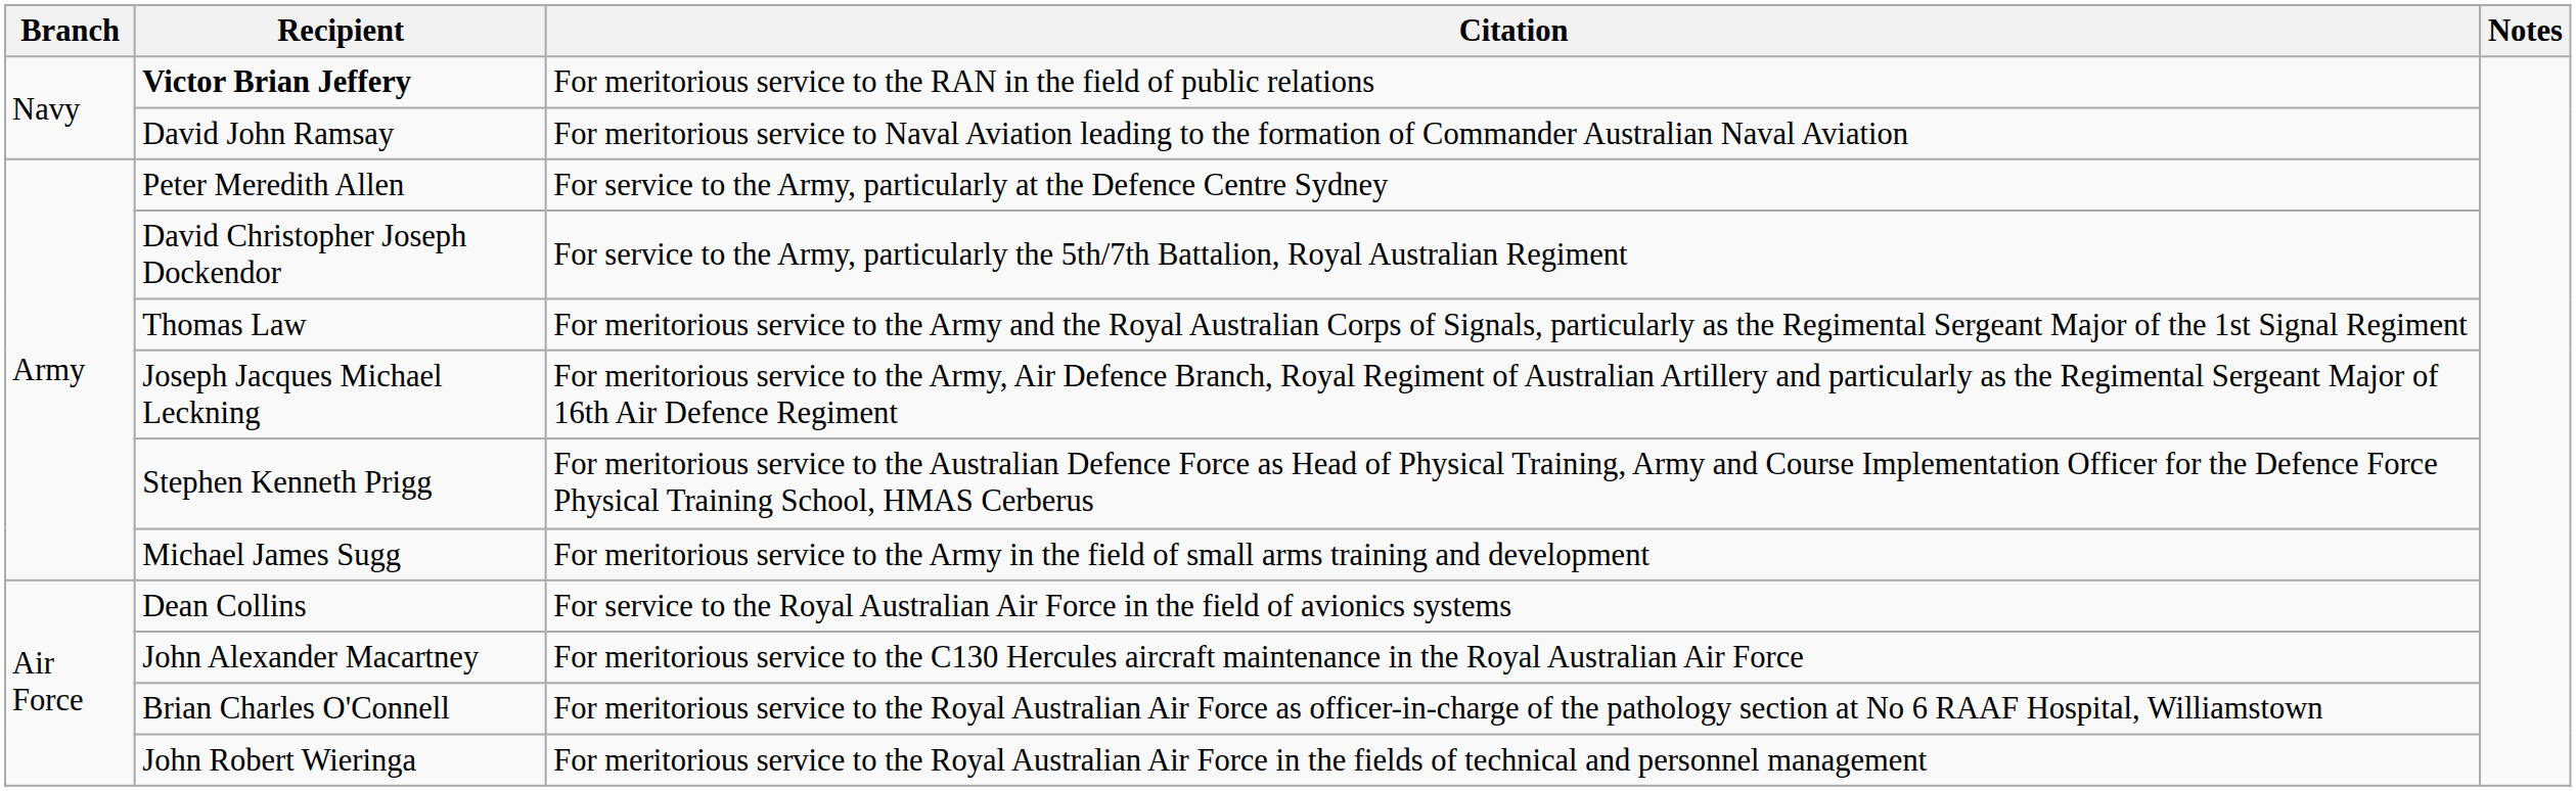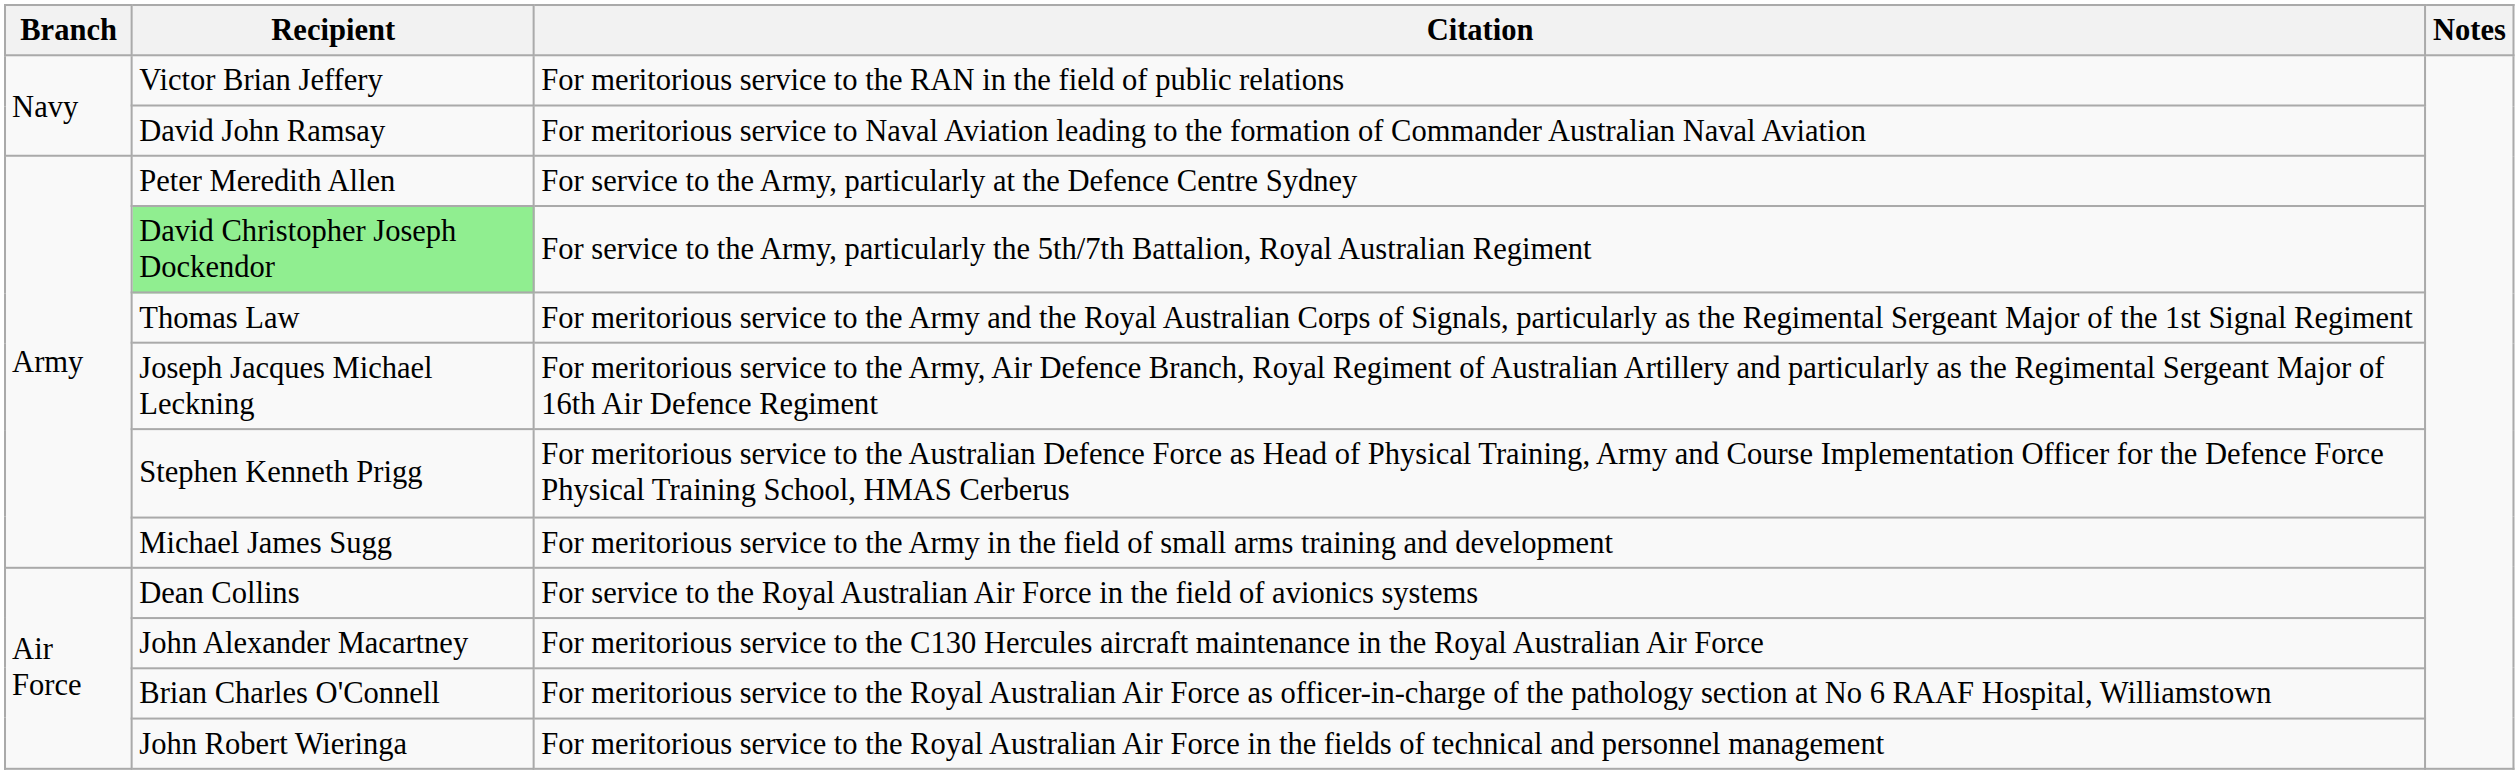 <table class="wikitable" style="font-size:95%;">
 <tr>
 <th>Branch</th>
 <th>Recipient</th>
 <th>Citation</th>
 <th>Notes</th>
 </tr>
 <tr>
 <td rowspan=2>Navy</td>
-<td><strong> Victor Brian Jeffery</strong></td>
+<td> Victor Brian Jeffery</td>
 <td>For meritorious service to the RAN in the field of public relations</td>
 <td rowspan=12></td>
 </tr>
 <tr>
 <td> David John Ramsay</td>
 <td>For meritorious service to Naval Aviation leading to the formation of Commander Australian Naval Aviation</td>
 </tr>
 <tr>
 <td rowspan=6>Army</td>
 <td> Peter Meredith Allen</td>
 <td>For service to the Army, particularly at the Defence Centre Sydney</td>
 </tr>
 <tr>
-<td> David Christopher Joseph Dockendor</td>
+<td style="background: lightgreen;"> David Christopher Joseph Dockendor</td>
 <td>For service to the Army, particularly the 5th/7th Battalion, Royal Australian Regiment</td>
 </tr>
 <tr>
 <td> Thomas Law</td>
 <td>For meritorious service to the Army and the Royal Australian Corps of Signals, particularly as the Regimental Sergeant Major of the 1st Signal Regiment</td>
 </tr>
 <tr>
 <td> Joseph Jacques Michael Leckning</td>
 <td>For meritorious service to the Army, Air Defence Branch, Royal Regiment of Australian Artillery and particularly as the Regimental Sergeant Major of 16th Air Defence Regiment</td>
 </tr>
 <tr>
 <td> Stephen Kenneth Prigg</td>
 <td>For meritorious service to the Australian Defence Force as Head of Physical Training, Army and Course Implementation Officer for the Defence Force Physical Training School, HMAS Cerberus</td>
 </tr>
 <tr>
 <td> Michael James Sugg</td>
 <td>For meritorious service to the Army in the field of small arms training and development</td>
 </tr>
 <tr>
 <td rowspan=4>Air Force</td>
 <td> Dean Collins</td>
 <td>For service to the Royal Australian Air Force in the field of avionics systems</td>
 </tr>
 <tr>
 <td> John Alexander Macartney</td>
 <td>For meritorious service to the C130 Hercules aircraft maintenance in the Royal Australian Air Force</td>
 </tr>
 <tr>
 <td> Brian Charles O'Connell</td>
 <td>For meritorious service to the Royal Australian Air Force as officer-in-charge of the pathology section at No 6 RAAF Hospital, Williamstown</td>
 </tr>
 <tr>
 <td> John Robert Wieringa</td>
 <td>For meritorious service to the Royal Australian Air Force in the fields of technical and personnel management</td>
 </tr>
 </table>
